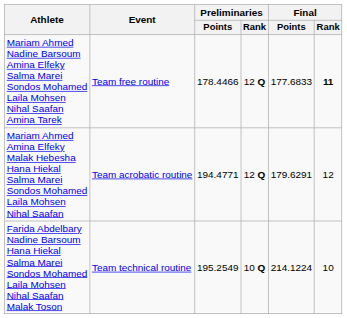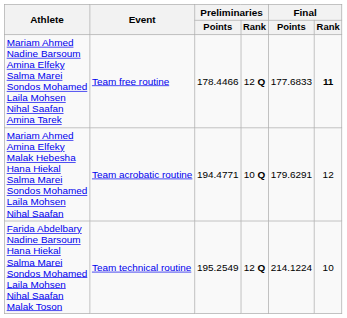 <table class="wikitable" style="text-align:center; font-size:90%; ">
 <tr>
 <th rowspan="2">Athlete</th>
 <th rowspan="2">Event</th>
 <th colspan="2">Preliminaries</th>
 <th colspan="2">Final</th>
 </tr>
 <tr style="font-size:95%">
 <th>Points</th>
 <th>Rank</th>
 <th>Points</th>
 <th>Rank</th>
 </tr>
 <tr>
 <td align=left><a href='#'>Mariam Ahmed</a><br> <a href='#'>Nadine Barsoum</a><br> <a href='#'>Amina Elfeky</a><br> <a href='#'>Salma Marei</a><br> <a href='#'>Sondos Mohamed</a><br> <a href='#'>Laila Mohsen</a><br> <a href='#'>Nihal Saafan</a><br> <a href='#'>Amina Tarek</a></td>
 <td align=left><a href='#'>Team free routine</a></td>
 <td>178.4466</td>
 <td>12 <strong>Q</strong></td>
 <td>177.6833</td>
 <td><strong>11</strong></td>
 </tr>
 <tr>
 <td align=left><a href='#'>Mariam Ahmed</a><br> <a href='#'>Amina Elfeky</a><br> <a href='#'>Malak Hebesha</a> <br> <a href='#'>Hana Hiekal</a><br> <a href='#'>Salma Marei</a><br> <a href='#'>Sondos Mohamed</a><br> <a href='#'>Laila Mohsen</a><br> <a href='#'>Nihal Saafan</a></td>
 <td align=left><a href='#'>Team acrobatic routine</a></td>
 <td>194.4771</td>
-<td>12 <strong>Q</strong></td>
+<td>10 <strong>Q</strong></td>
 <td>179.6291</td>
 <td>12</td>
 </tr>
 <tr>
 <td align=left><a href='#'>Farida Abdelbary</a><br> <a href='#'>Nadine Barsoum</a><br> <a href='#'>Hana Hiekal</a><br> <a href='#'>Salma Marei</a><br> <a href='#'>Sondos Mohamed</a><br> <a href='#'>Laila Mohsen</a><br> <a href='#'>Nihal Saafan</a><br> <a href='#'>Malak Toson</a></td>
 <td align=left><a href='#'>Team technical routine</a></td>
 <td>195.2549</td>
-<td>10 <strong>Q</strong></td>
+<td>12 <strong>Q</strong></td>
 <td>214.1224</td>
 <td>10</td>
 </tr>
 </table>
